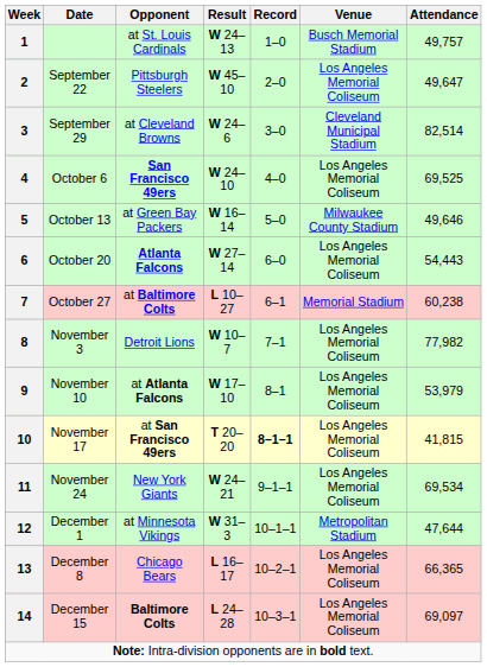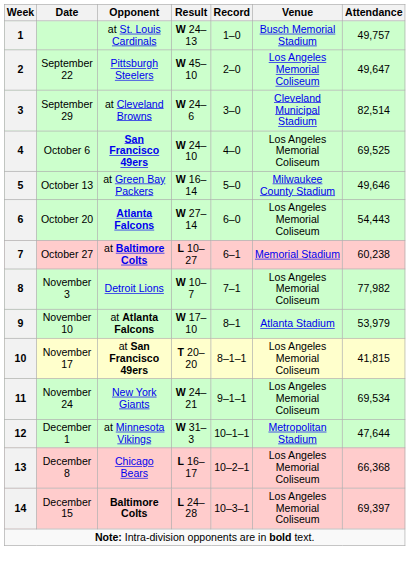 <table class="wikitable" style="text-align:center">
 <tr>
 <th>Week</th>
 <th>Date</th>
 <th>Opponent</th>
 <th>Result</th>
 <th>Record</th>
 <th>Venue</th>
 <th>Attendance</th>
 </tr>
 <tr style="background:#cfc">
 <th>1</th>
 <td></td>
 <td>at <a href='#'>St. Louis Cardinals</a></td>
 <td><strong>W</strong> 24–13</td>
 <td>1–0</td>
 <td><a href='#'>Busch Memorial Stadium</a></td>
 <td>49,757</td>
 </tr>
 <tr style="background:#cfc">
 <th>2</th>
 <td>September 22</td>
 <td><a href='#'>Pittsburgh Steelers</a></td>
 <td><strong>W</strong> 45–10</td>
 <td>2–0</td>
 <td><a href='#'>Los Angeles Memorial Coliseum</a></td>
 <td>49,647</td>
 </tr>
 <tr style="background:#cfc">
 <th>3</th>
 <td>September 29</td>
 <td>at <a href='#'>Cleveland Browns</a></td>
 <td><strong>W</strong> 24–6</td>
 <td>3–0</td>
 <td><a href='#'>Cleveland Municipal Stadium</a></td>
 <td>82,514</td>
 </tr>
 <tr style="background:#cfc">
 <th>4</th>
 <td>October 6</td>
 <td><strong><a href='#'>San Francisco 49ers</a></strong></td>
 <td><strong>W</strong> 24–10</td>
 <td>4–0</td>
 <td>Los Angeles Memorial Coliseum</td>
 <td>69,525</td>
 </tr>
 <tr style="background:#cfc">
 <th>5</th>
 <td>October 13</td>
 <td>at <a href='#'>Green Bay Packers</a></td>
 <td><strong>W</strong> 16–14</td>
 <td>5–0</td>
 <td><a href='#'>Milwaukee County Stadium</a></td>
 <td>49,646</td>
 </tr>
 <tr style="background:#cfc">
 <th>6</th>
 <td>October 20</td>
 <td><strong><a href='#'>Atlanta Falcons</a></strong></td>
 <td><strong>W</strong> 27–14</td>
 <td>6–0</td>
 <td>Los Angeles Memorial Coliseum</td>
 <td>54,443</td>
 </tr>
 <tr style="background:#fcc">
 <th>7</th>
 <td>October 27</td>
 <td>at <strong><a href='#'>Baltimore Colts</a></strong></td>
 <td><strong>L</strong> 10–27</td>
 <td>6–1</td>
 <td><a href='#'>Memorial Stadium</a></td>
 <td>60,238</td>
 </tr>
 <tr style="background:#cfc">
 <th>8</th>
 <td>November 3</td>
 <td><a href='#'>Detroit Lions</a></td>
 <td><strong>W</strong> 10–7</td>
 <td>7–1</td>
 <td>Los Angeles Memorial Coliseum</td>
 <td>77,982</td>
 </tr>
 <tr style="background:#cfc">
 <th>9</th>
 <td>November 10</td>
 <td>at <strong>Atlanta Falcons</strong></td>
 <td><strong>W</strong> 17–10</td>
 <td>8–1</td>
-<td>Los Angeles Memorial Coliseum</td>
+<td><a href='#'>Atlanta Stadium</a></td>
 <td>53,979</td>
 </tr>
 <tr style="background:#ffc">
 <th>10</th>
 <td>November 17</td>
 <td>at <strong>San Francisco 49ers</strong></td>
 <td><strong>T</strong> 20–20</td>
-<td><strong>8–1–1</strong></td>
+<td>8–1–1</td>
 <td>Los Angeles Memorial Coliseum</td>
 <td>41,815</td>
 </tr>
 <tr style="background:#cfc">
 <th>11</th>
 <td>November 24</td>
 <td><a href='#'>New York Giants</a></td>
 <td><strong>W</strong> 24–21</td>
 <td>9–1–1</td>
 <td>Los Angeles Memorial Coliseum</td>
 <td>69,534</td>
 </tr>
 <tr style="background:#cfc">
 <th>12</th>
 <td>December 1</td>
 <td>at <a href='#'>Minnesota Vikings</a></td>
 <td><strong>W</strong> 31–3</td>
 <td>10–1–1</td>
 <td><a href='#'>Metropolitan Stadium</a></td>
 <td>47,644</td>
 </tr>
 <tr style="background:#fcc">
 <th>13</th>
 <td>December 8</td>
 <td><a href='#'>Chicago Bears</a></td>
 <td><strong>L</strong> 16–17</td>
 <td>10–2–1</td>
 <td>Los Angeles Memorial Coliseum</td>
-<td>66,365</td>
+<td>66,368</td>
 </tr>
 <tr style="background:#fcc">
 <th>14</th>
 <td>December 15</td>
 <td><strong>Baltimore Colts</strong></td>
 <td><strong>L</strong> 24–28</td>
 <td>10–3–1</td>
 <td>Los Angeles Memorial Coliseum</td>
-<td>69,097</td>
+<td>69,397</td>
 </tr>
 <tr>
 <td colspan="8"><strong>Note:</strong> Intra-division opponents are in <strong>bold</strong> text.</td>
 </tr>
 </table>
